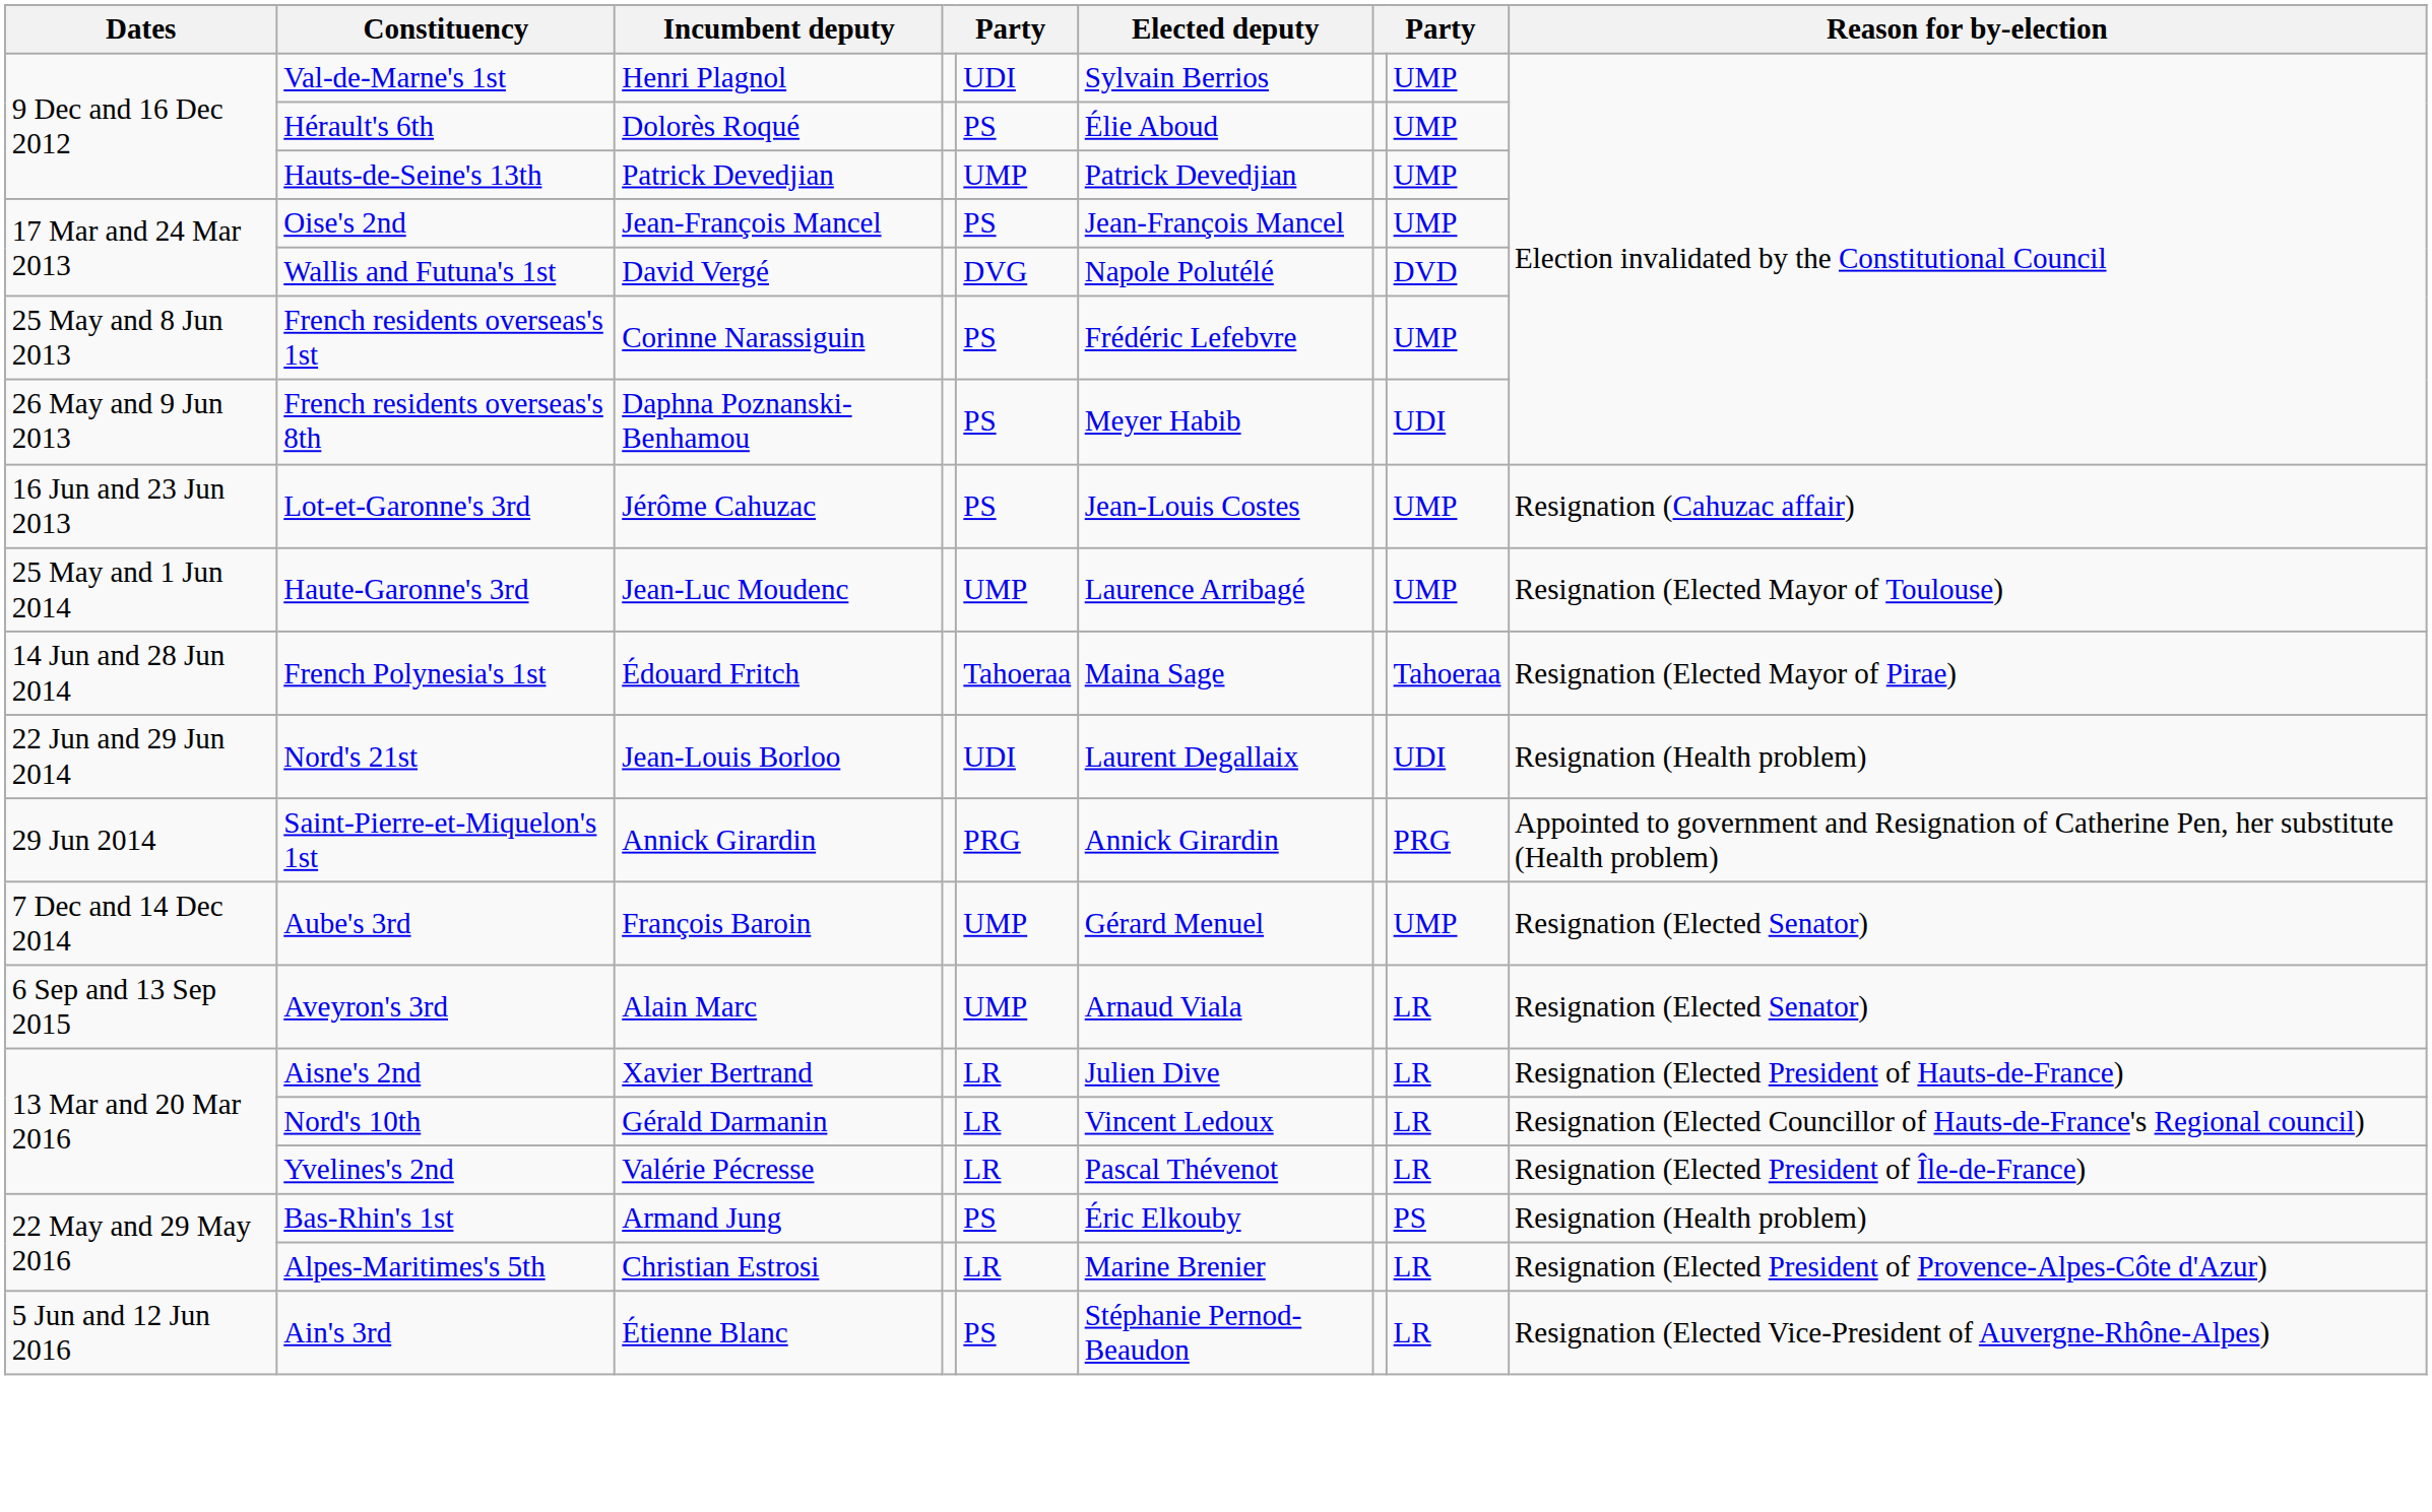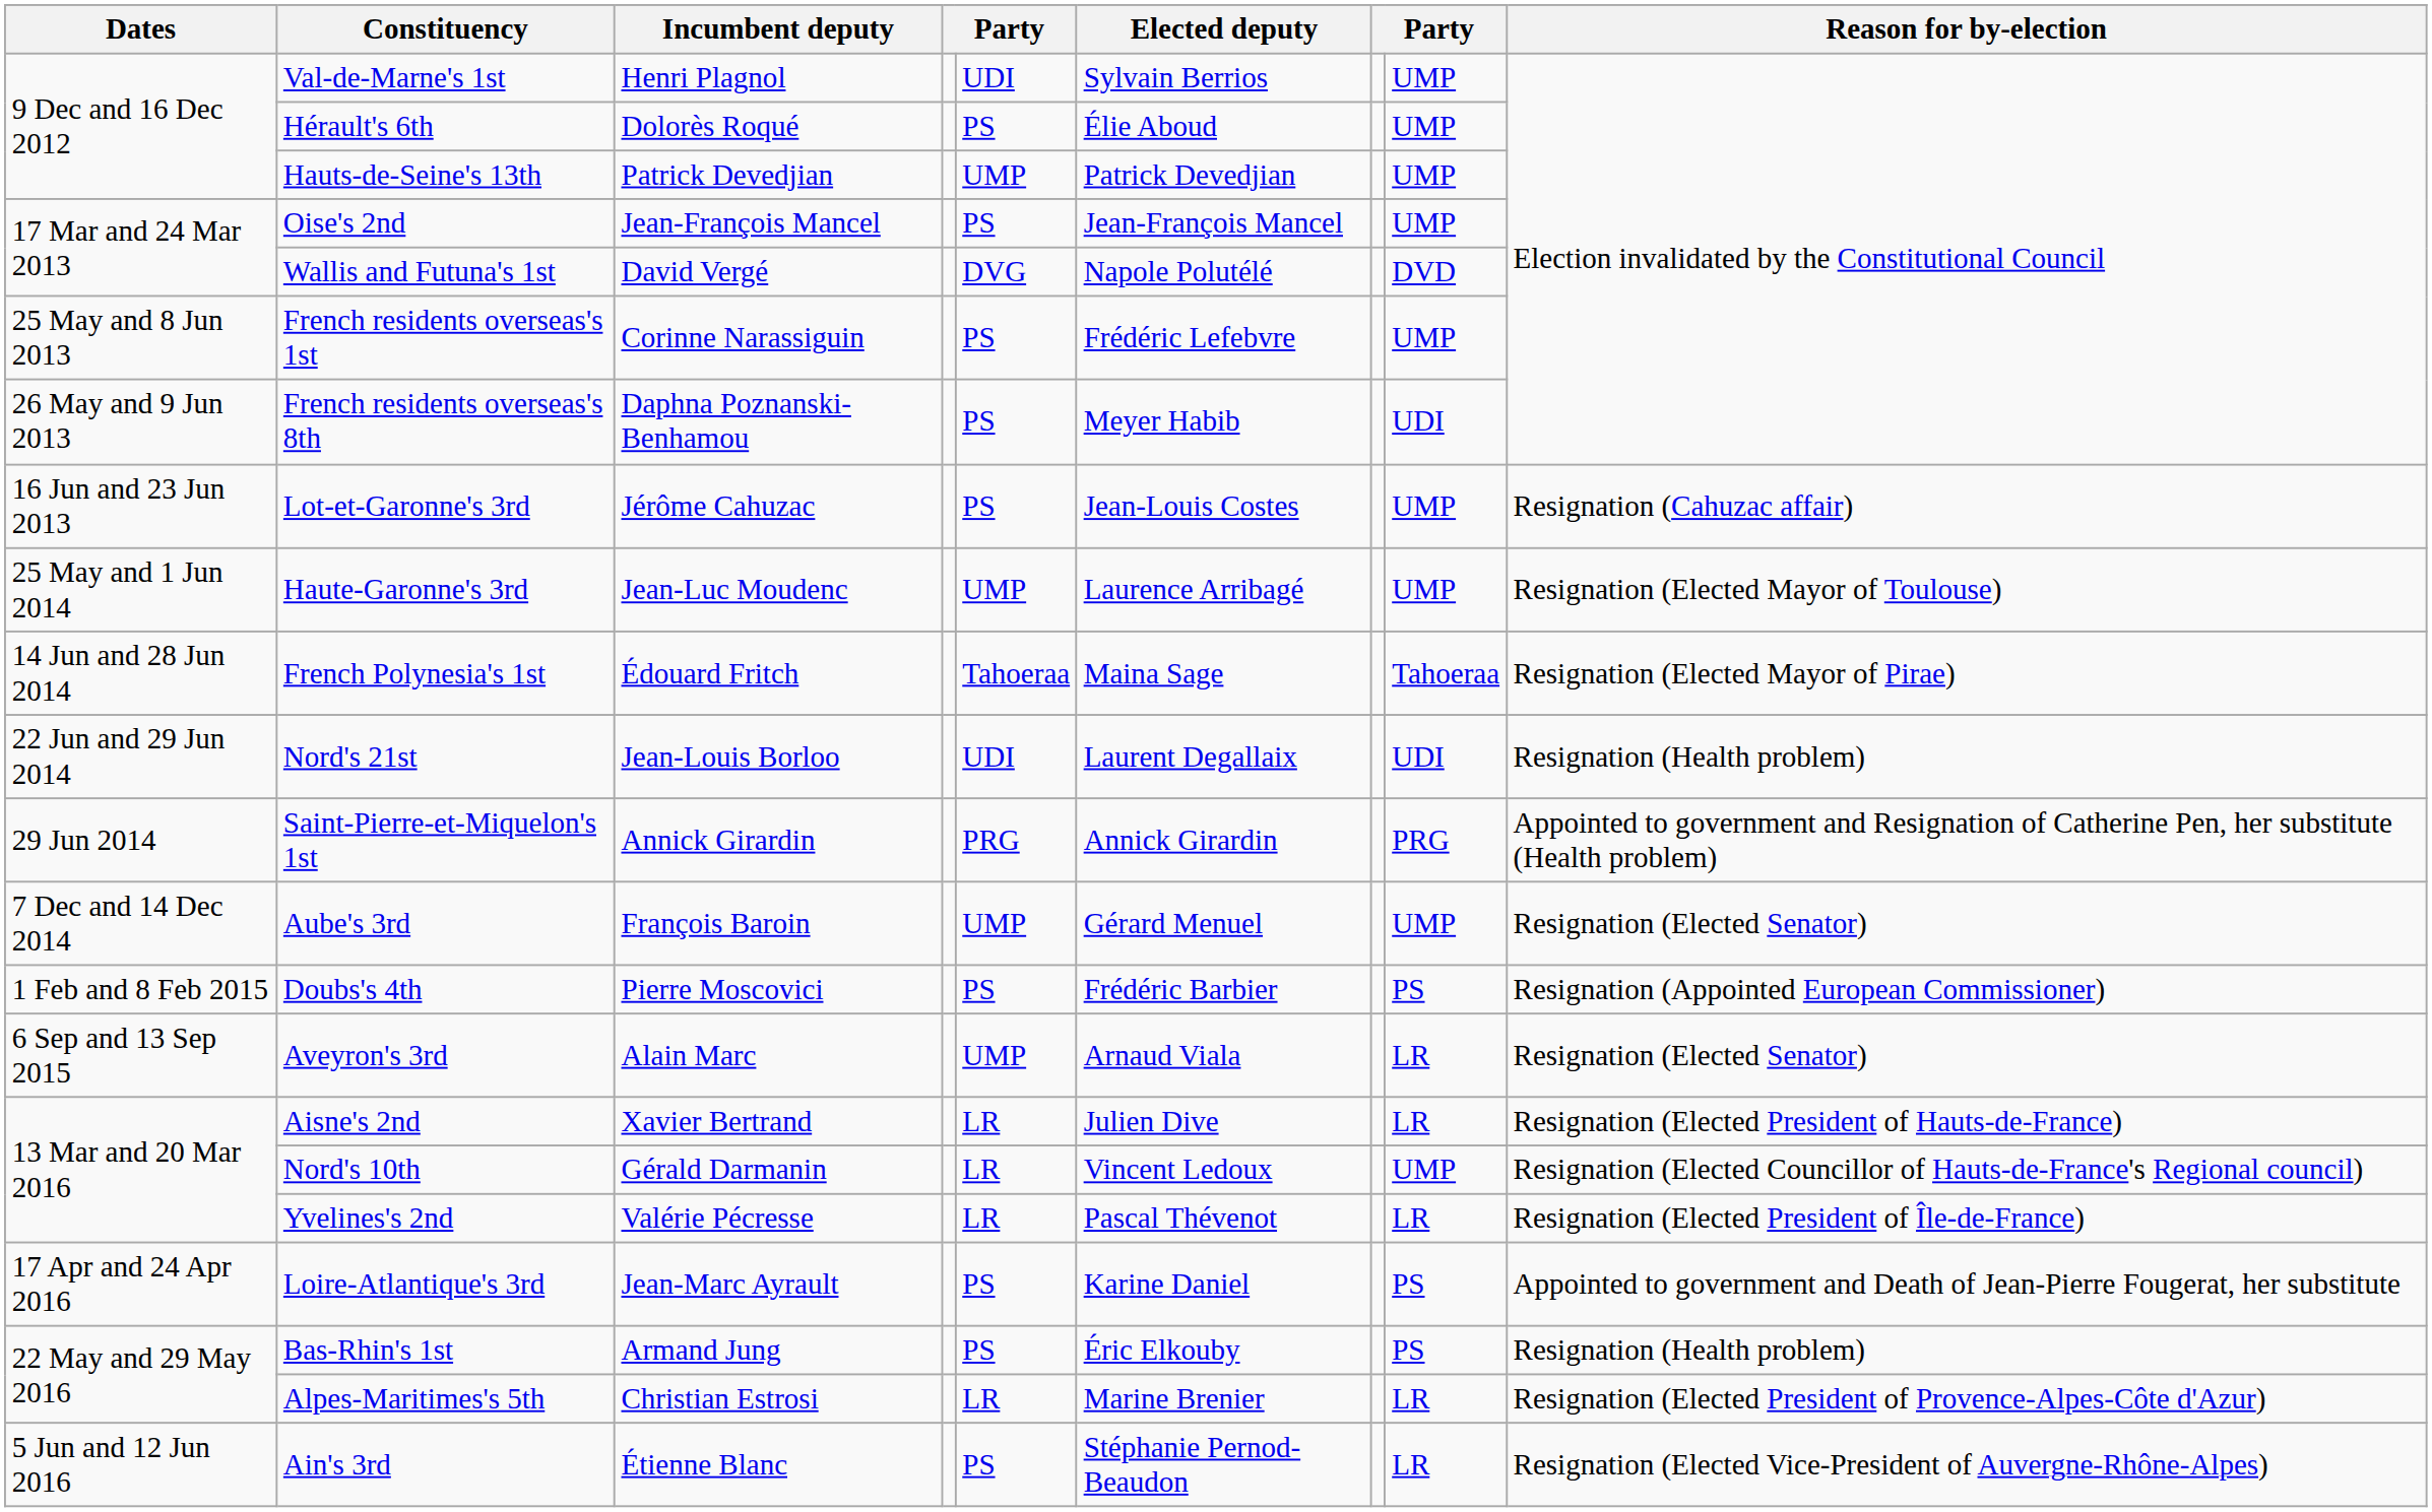 <table class="wikitable sortable" style="font-size:95%;">
 <tr>
 <th>Dates</th>
 <th>Constituency</th>
 <th>Incumbent deputy</th>
 <th colspan="2">Party</th>
 <th>Elected deputy</th>
 <th colspan="2">Party</th>
 <th>Reason for by-election</th>
 </tr>
 <tr>
 <td rowspan="3">9 Dec and 16 Dec 2012</td>
 <td><a href='#'>Val-de-Marne's 1st</a></td>
 <td><a href='#'>Henri Plagnol</a></td>
 <td style="background:"></td>
 <td><a href='#'>UDI</a></td>
 <td><a href='#'>Sylvain Berrios</a></td>
 <td style="background:"></td>
 <td><a href='#'>UMP</a></td>
 <td rowspan="7">Election invalidated by the <a href='#'>Constitutional Council</a></td>
 </tr>
 <tr>
 <td><a href='#'>Hérault's 6th</a></td>
 <td><a href='#'>Dolorès Roqué</a></td>
 <td style="background:"></td>
 <td><a href='#'>PS</a></td>
 <td><a href='#'>Élie Aboud</a></td>
 <td style="background:"></td>
 <td><a href='#'>UMP</a></td>
 </tr>
 <tr>
 <td><a href='#'>Hauts-de-Seine's 13th</a></td>
 <td><a href='#'>Patrick Devedjian</a></td>
 <td style="background:"></td>
 <td><a href='#'>UMP</a></td>
 <td><a href='#'>Patrick Devedjian</a></td>
 <td style="background:"></td>
 <td><a href='#'>UMP</a></td>
 </tr>
 <tr>
 <td rowspan="2">17 Mar and 24 Mar 2013</td>
 <td><a href='#'>Oise's 2nd</a></td>
 <td><a href='#'>Jean-François Mancel</a></td>
 <td style="background:"></td>
 <td><a href='#'>PS</a></td>
 <td><a href='#'>Jean-François Mancel</a></td>
 <td style="background:"></td>
 <td><a href='#'>UMP</a></td>
 </tr>
 <tr>
 <td><a href='#'>Wallis and Futuna's 1st</a></td>
 <td><a href='#'>David Vergé</a></td>
 <td style="background:"></td>
 <td><a href='#'>DVG</a></td>
 <td><a href='#'>Napole Polutélé</a></td>
 <td style="background:"></td>
 <td><a href='#'>DVD</a></td>
 </tr>
 <tr>
 <td>25 May and 8 Jun 2013</td>
 <td><a href='#'>French residents overseas's 1st</a></td>
 <td><a href='#'>Corinne Narassiguin</a></td>
 <td style="background:"></td>
 <td><a href='#'>PS</a></td>
 <td><a href='#'>Frédéric Lefebvre</a></td>
 <td style="background:"></td>
 <td><a href='#'>UMP</a></td>
 </tr>
 <tr>
 <td>26 May and 9 Jun 2013</td>
 <td><a href='#'>French residents overseas's 8th</a></td>
 <td><a href='#'>Daphna Poznanski-Benhamou</a></td>
 <td style="background:"></td>
 <td><a href='#'>PS</a></td>
 <td><a href='#'>Meyer Habib</a></td>
 <td style="background:"></td>
 <td><a href='#'>UDI</a></td>
 </tr>
 <tr>
 <td>16 Jun and 23 Jun 2013</td>
 <td><a href='#'>Lot-et-Garonne's 3rd</a></td>
 <td><a href='#'>Jérôme Cahuzac</a></td>
 <td style="background:"></td>
 <td><a href='#'>PS</a></td>
 <td><a href='#'>Jean-Louis Costes</a></td>
 <td style="background:"></td>
 <td><a href='#'>UMP</a></td>
 <td>Resignation (<a href='#'>Cahuzac affair</a>)</td>
 </tr>
 <tr>
 <td>25 May and 1 Jun 2014</td>
 <td><a href='#'>Haute-Garonne's 3rd</a></td>
 <td><a href='#'>Jean-Luc Moudenc</a></td>
 <td style="background:"></td>
 <td><a href='#'>UMP</a></td>
 <td><a href='#'>Laurence Arribagé</a></td>
 <td style="background:"></td>
 <td><a href='#'>UMP</a></td>
 <td>Resignation (Elected Mayor of <a href='#'>Toulouse</a>)</td>
 </tr>
 <tr>
 <td>14 Jun and 28 Jun 2014</td>
 <td><a href='#'>French Polynesia's 1st</a></td>
 <td><a href='#'>Édouard Fritch</a></td>
 <td style="background:"></td>
 <td><a href='#'>Tahoeraa</a></td>
 <td><a href='#'>Maina Sage</a></td>
 <td style="background:"></td>
 <td><a href='#'>Tahoeraa</a></td>
 <td>Resignation (Elected Mayor of <a href='#'>Pirae</a>)</td>
 </tr>
 <tr>
 <td>22 Jun and 29 Jun 2014</td>
 <td><a href='#'>Nord's 21st</a></td>
 <td><a href='#'>Jean-Louis Borloo</a></td>
 <td style="background:"></td>
 <td><a href='#'>UDI</a></td>
 <td><a href='#'>Laurent Degallaix</a></td>
 <td style="background:"></td>
 <td><a href='#'>UDI</a></td>
 <td>Resignation (Health problem)</td>
 </tr>
 <tr>
 <td>29 Jun 2014</td>
 <td><a href='#'>Saint-Pierre-et-Miquelon's 1st</a></td>
 <td><a href='#'>Annick Girardin</a></td>
 <td style="background:"></td>
 <td><a href='#'>PRG</a></td>
 <td><a href='#'>Annick Girardin</a></td>
 <td style="background:"></td>
 <td><a href='#'>PRG</a></td>
 <td>Appointed to government and Resignation of Catherine Pen, her substitute (Health problem)</td>
 </tr>
 <tr>
 <td>7 Dec and 14 Dec 2014</td>
 <td><a href='#'>Aube's 3rd</a></td>
 <td><a href='#'>François Baroin</a></td>
 <td style="background:"></td>
 <td><a href='#'>UMP</a></td>
 <td><a href='#'>Gérard Menuel</a></td>
 <td style="background:"></td>
 <td><a href='#'>UMP</a></td>
 <td>Resignation (Elected <a href='#'>Senator</a>)</td>
 </tr>
 <tr>
+<td>1 Feb and 8 Feb 2015</td>
+<td><a href='#'>Doubs's 4th</a></td>
+<td><a href='#'>Pierre Moscovici</a></td>
+<td style="background:"></td>
+<td><a href='#'>PS</a></td>
+<td><a href='#'>Frédéric Barbier</a></td>
+<td style="background:"></td>
+<td><a href='#'>PS</a></td>
+<td>Resignation (Appointed <a href='#'>European Commissioner</a>)</td>
+</tr>
+<tr>
 <td>6 Sep and 13 Sep 2015</td>
 <td><a href='#'>Aveyron's 3rd</a></td>
 <td><a href='#'>Alain Marc</a></td>
 <td style="background:"></td>
 <td><a href='#'>UMP</a></td>
 <td><a href='#'>Arnaud Viala</a></td>
 <td style="background:"></td>
 <td><a href='#'>LR</a></td>
 <td>Resignation (Elected <a href='#'>Senator</a>)</td>
 </tr>
 <tr>
 <td rowspan="3">13 Mar and 20 Mar 2016</td>
 <td><a href='#'>Aisne's 2nd</a></td>
 <td><a href='#'>Xavier Bertrand</a></td>
 <td style="background:"></td>
 <td><a href='#'>LR</a></td>
 <td><a href='#'>Julien Dive</a></td>
 <td style="background:"></td>
 <td><a href='#'>LR</a></td>
 <td>Resignation (Elected <a href='#'>President</a> of <a href='#'>Hauts-de-France</a>)</td>
 </tr>
 <tr>
 <td><a href='#'>Nord's 10th</a></td>
 <td><a href='#'>Gérald Darmanin</a></td>
 <td style="background:"></td>
 <td><a href='#'>LR</a></td>
 <td><a href='#'>Vincent Ledoux</a></td>
 <td style="background:"></td>
-<td><a href='#'>LR</a></td>
+<td><a href='#'>UMP</a></td>
 <td>Resignation (Elected Councillor of <a href='#'>Hauts-de-France</a>'s <a href='#'>Regional council</a>)</td>
 </tr>
 <tr>
 <td><a href='#'>Yvelines's 2nd</a></td>
 <td><a href='#'>Valérie Pécresse</a></td>
 <td style="background:"></td>
 <td><a href='#'>LR</a></td>
 <td><a href='#'>Pascal Thévenot</a></td>
 <td style="background:"></td>
 <td><a href='#'>LR</a></td>
 <td>Resignation (Elected <a href='#'>President</a> of <a href='#'>Île-de-France</a>)</td>
+</tr>
+<tr>
+<td>17 Apr and 24 Apr 2016</td>
+<td><a href='#'>Loire-Atlantique's 3rd</a></td>
+<td><a href='#'>Jean-Marc Ayrault</a></td>
+<td style="background:"></td>
+<td><a href='#'>PS</a></td>
+<td><a href='#'>Karine Daniel</a></td>
+<td style="background:"></td>
+<td><a href='#'>PS</a></td>
+<td>Appointed to government and Death of Jean-Pierre Fougerat, her substitute</td>
 </tr>
 <tr>
 <td rowspan="2">22 May and 29 May 2016</td>
 <td><a href='#'>Bas-Rhin's 1st</a></td>
 <td><a href='#'>Armand Jung</a></td>
 <td style="background:"></td>
 <td><a href='#'>PS</a></td>
 <td><a href='#'>Éric Elkouby</a></td>
 <td style="background:"></td>
 <td><a href='#'>PS</a></td>
 <td>Resignation (Health problem)</td>
 </tr>
 <tr>
 <td><a href='#'>Alpes-Maritimes's 5th</a></td>
 <td><a href='#'>Christian Estrosi</a></td>
 <td style="background:"></td>
 <td><a href='#'>LR</a></td>
 <td><a href='#'>Marine Brenier</a></td>
 <td style="background:"></td>
 <td><a href='#'>LR</a></td>
 <td>Resignation (Elected <a href='#'>President</a> of <a href='#'>Provence-Alpes-Côte d'Azur</a>)</td>
 </tr>
 <tr>
 <td>5 Jun and 12 Jun 2016</td>
 <td><a href='#'>Ain's 3rd</a></td>
 <td><a href='#'>Étienne Blanc</a></td>
 <td style="background:"></td>
 <td><a href='#'>PS</a></td>
 <td><a href='#'>Stéphanie Pernod-Beaudon</a></td>
 <td style="background:"></td>
 <td><a href='#'>LR</a></td>
 <td>Resignation (Elected Vice-President of <a href='#'>Auvergne-Rhône-Alpes</a>)</td>
 </tr>
 </table>
